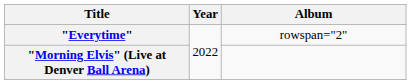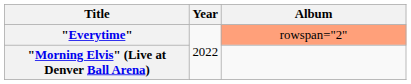 <table class="wikitable plainrowheaders" style="text-align:center;">
 <tr>
 <th scope="col" style="width:14em;">Title</th>
 <th scope="col" style="width:1em;">Year</th>
 <th scope="col" style="width:14em;">Album</th>
 </tr>
 <tr>
 <th scope="row">"<a href='#'>Everytime</a>"<br></th>
 <td rowspan="2">2022</td>
-<td>rowspan="2" </td>
+<td style="background: lightsalmon;">rowspan="2" </td>
 </tr>
 <tr>
 <th scope="row">"<a href='#'>Morning Elvis</a>" (Live at Denver <a href='#'>Ball Arena</a>)<br></th>
 </tr>
 </table>
